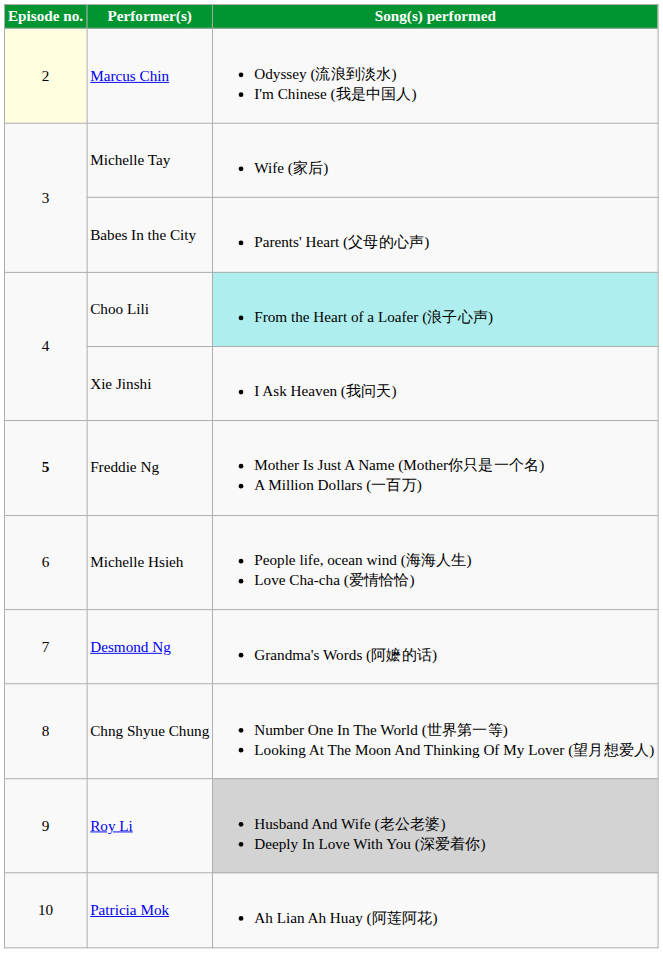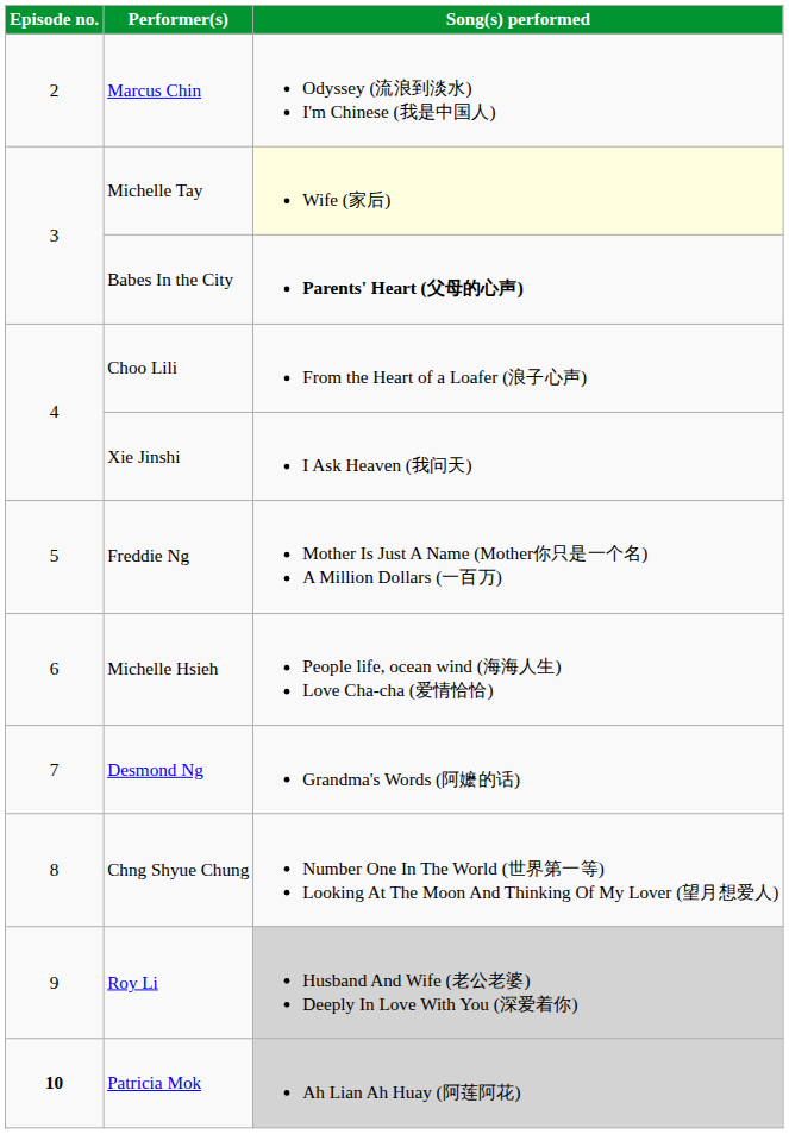 <table class="wikitable">
 <tr>
 <th style="background:#009530; color:white">Episode no.</th>
 <th style="background:#009530; color:white">Performer(s)</th>
 <th style="background:#009530; color:white">Song(s) performed</th>
 </tr>
 <tr>
-<td style="background: lightyellow; text-align: center;">2</td>
+<td style="text-align: center;">2</td>
 <td><a href='#'>Marcus Chin</a></td>
 <td><br><ul><li>Odyssey (流浪到淡水)</li><li>I'm Chinese (我是中国人)</li></ul></td>
 </tr>
 <tr>
 <td rowspan="2" style="text-align: center;">3</td>
 <td>Michelle Tay</td>
-<td><br><ul><li>Wife (家后)</li></ul></td>
+<td style="background: lightyellow;"><br><ul><li>Wife (家后)</li></ul></td>
 </tr>
 <tr>
 <td>Babes In the City</td>
-<td><br><ul><li>Parents' Heart (父母的心声)</li></ul></td>
+<td><strong><br><ul><li>Parents' Heart (父母的心声)</li></ul></strong></td>
 </tr>
 <tr>
 <td rowspan="2" style="text-align: center;">4</td>
 <td>Choo Lili</td>
-<td style="background: paleturquoise;"><br><ul><li>From the Heart of a Loafer (浪子心声)</li></ul></td>
+<td><br><ul><li>From the Heart of a Loafer (浪子心声)</li></ul></td>
 </tr>
 <tr>
 <td>Xie Jinshi</td>
 <td><br><ul><li>I Ask Heaven (我问天)</li></ul></td>
 </tr>
 <tr>
-<td style="text-align: center;"><strong>5</strong></td>
+<td style="text-align: center;">5</td>
 <td>Freddie Ng</td>
 <td><br><ul><li>Mother Is Just A Name (Mother你只是一个名)</li><li>A Million Dollars (一百万)</li></ul></td>
 </tr>
 <tr>
 <td style="text-align: center;">6</td>
 <td>Michelle Hsieh</td>
 <td><br><ul><li>People life, ocean wind (海海人生)</li><li>Love Cha-cha (爱情恰恰)</li></ul></td>
 </tr>
 <tr>
 <td style="text-align: center;">7</td>
 <td><a href='#'>Desmond Ng</a></td>
 <td><br><ul><li>Grandma's Words (阿嬷的话)</li></ul></td>
 </tr>
 <tr>
 <td style="text-align: center;">8</td>
 <td>Chng Shyue Chung</td>
 <td><br><ul><li>Number One In The World (世界第一等)</li><li>Looking At The Moon And Thinking Of My Lover (望月想爱人)</li></ul></td>
 </tr>
 <tr>
 <td style="text-align: center;">9</td>
 <td><a href='#'>Roy Li</a></td>
 <td style="background: lightgrey;"><br><ul><li>Husband And Wife (老公老婆)</li><li>Deeply In Love With You (深爱着你)</li></ul></td>
 </tr>
 <tr>
-<td style="text-align: center;">10</td>
+<td style="text-align: center;"><strong>10</strong></td>
 <td><a href='#'>Patricia Mok</a></td>
-<td><br><ul><li>Ah Lian Ah Huay (阿莲阿花)</li></ul></td>
+<td style="background: lightgrey;"><br><ul><li>Ah Lian Ah Huay (阿莲阿花)</li></ul></td>
 </tr>
 </table>
